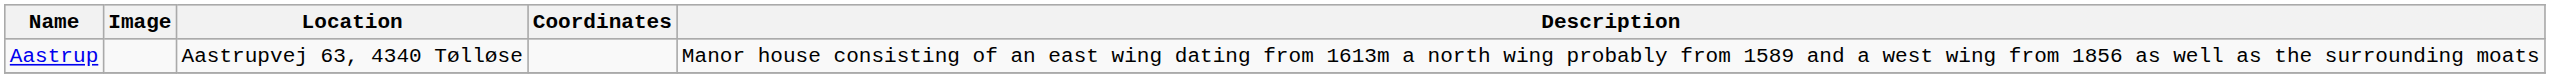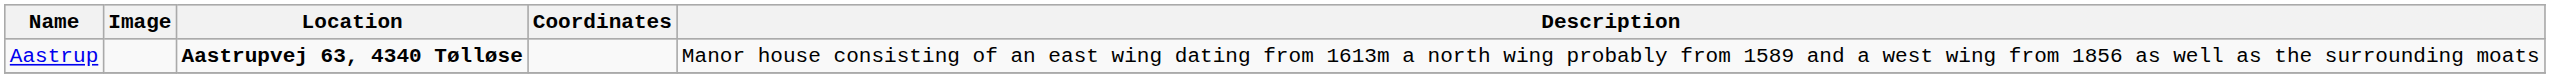 <table class="wikitable sortable">
 <tr>
 <th>Name</th>
 <th>Image</th>
 <th>Location</th>
 <th>Coordinates</th>
 <th>Description</th>
 </tr>
 <tr>
 <td><a href='#'>Aastrup</a></td>
 <td></td>
-<td>Aastrupvej 63, 4340 Tølløse</td>
+<td><strong>Aastrupvej 63, 4340 Tølløse</strong></td>
 <td></td>
 <td>Manor house consisting of an east wing dating from 1613m a north wing probably from 1589 and a west wing from 1856 as well as the surrounding moats</td>
 </tr>
 <tr |->
 </tr>
 </table>
